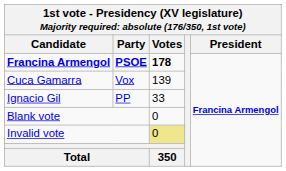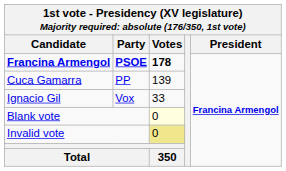 <table class="wikitable">
 <tr>
 <th colspan="5">1st vote - Presidency (XV legislature)<br><em><small>Majority required: absolute (176/350, 1st vote)</small></em></th>
 </tr>
 <tr>
 <th>Candidate</th>
 <th>Party</th>
 <th>Votes</th>
 <th rowspan="8"></th>
 <th>President</th>
 </tr>
 <tr>
 <td><strong><a href='#'>Francina Armengol</a></strong></td>
 <td><strong><a href='#'>PSOE</a></strong></td>
 <td><strong>178</strong></td>
 <td rowspan="7"><small><strong><a href='#'>Francina Armengol</a></strong></small></td>
 </tr>
 <tr>
 <td><a href='#'>Cuca Gamarra</a></td>
-<td><a href='#'>Vox</a></td>
+<td><a href='#'>PP</a></td>
 <td>139</td>
 </tr>
 <tr>
 <td><a href='#'>Ignacio Gil</a></td>
-<td><a href='#'>PP</a></td>
+<td><a href='#'>Vox</a></td>
 <td>33</td>
 </tr>
 <tr>
 <td colspan="2"><a href='#'>Blank vote</a></td>
-<td>0</td>
+<td style="background: lightyellow;">0</td>
 </tr>
 <tr>
 <td colspan="2"><a href='#'>Invalid vote</a></td>
 <td style="background: khaki;">0</td>
 </tr>
 <tr>
 <th colspan="3"></th>
 </tr>
 <tr>
 <th colspan="2"><strong>Total</strong></th>
 <th><strong>350</strong></th>
 </tr>
 </table>
